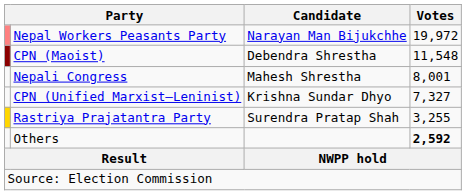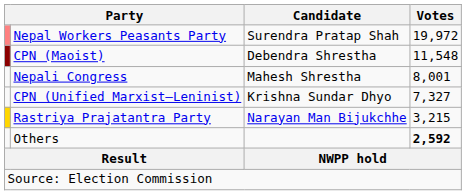 <table class="wikitable">
 <tr>
 <th colspan="2">Party</th>
 <th>Candidate</th>
 <th>Votes</th>
 </tr>
 <tr>
 <td style="background-color:#FF8080"></td>
 <td><a href='#'>Nepal Workers Peasants Party</a></td>
-<td><a href='#'>Narayan Man Bijukchhe</a></td>
+<td>Surendra Pratap Shah</td>
 <td>19,972</td>
 </tr>
 <tr>
 <td style="background-color:darkred"></td>
 <td><a href='#'>CPN (Maoist)</a></td>
 <td>Debendra Shrestha</td>
 <td>11,548</td>
 </tr>
 <tr>
 <td style="background-color:"></td>
 <td><a href='#'>Nepali Congress</a></td>
 <td>Mahesh Shrestha</td>
 <td>8,001</td>
 </tr>
 <tr>
 <td style="background-color:"></td>
 <td><a href='#'>CPN (Unified Marxist–Leninist)</a></td>
 <td>Krishna Sundar Dhyo</td>
 <td>7,327</td>
 </tr>
 <tr>
 <td style="background-color:gold"></td>
 <td><a href='#'>Rastriya Prajatantra Party</a></td>
-<td>Surendra Pratap Shah</td>
-<td>3,255</td>
+<td><a href='#'>Narayan Man Bijukchhe</a></td>
+<td>3,215</td>
 </tr>
 <tr>
 <td></td>
 <td>Others</td>
 <td></td>
 <td><strong>2,592</strong></td>
 </tr>
 <tr>
 <th colspan="2">Result</th>
 <th colspan="2">NWPP hold</th>
 </tr>
 <tr>
 <td colspan="4">Source: Election Commission</td>
 </tr>
 </table>
